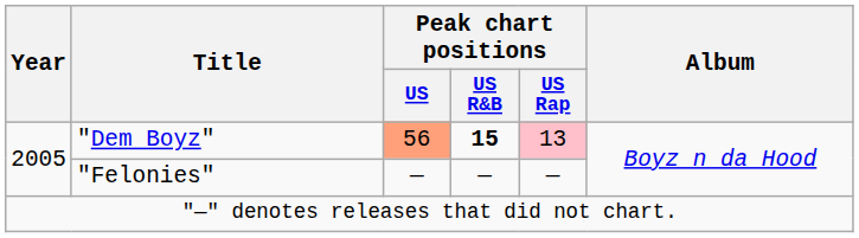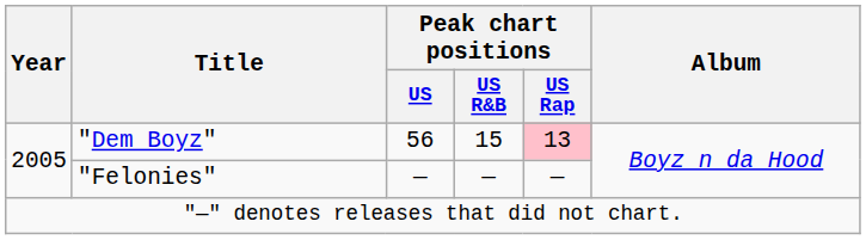 <table class="wikitable" style="text-align:center;">
 <tr>
 <th rowspan="2" style="width:10px;">Year</th>
 <th rowspan="2" style="width:170px;">Title</th>
 <th colspan="3">Peak chart positions</th>
 <th rowspan="2" style="width:145px;">Album</th>
 </tr>
 <tr>
 <th style="width:3em; font-size:85%"><a href='#'>US</a><br></th>
 <th style="width:3em; font-size:85%"><a href='#'>US<br>R&B</a><br></th>
 <th style="width:3em; font-size:85%"><a href='#'>US<br>Rap</a><br></th>
 </tr>
 <tr>
 <td rowspan="2">2005</td>
 <td style="text-align:left;">"<a href='#'>Dem Boyz</a>"</td>
-<td style="background: lightsalmon;">56</td>
-<td><strong>15</strong></td>
+<td>56</td>
+<td>15</td>
 <td style="background: pink;">13</td>
 <td rowspan="2"><em><a href='#'>Boyz n da Hood</a></em></td>
 </tr>
 <tr>
 <td style="text-align:left;">"Felonies"</td>
 <td>—</td>
 <td>—</td>
 <td>—</td>
 </tr>
 <tr>
 <td colspan="6" style="font-size:90%">"—" denotes releases that did not chart.</td>
 </tr>
 </table>
